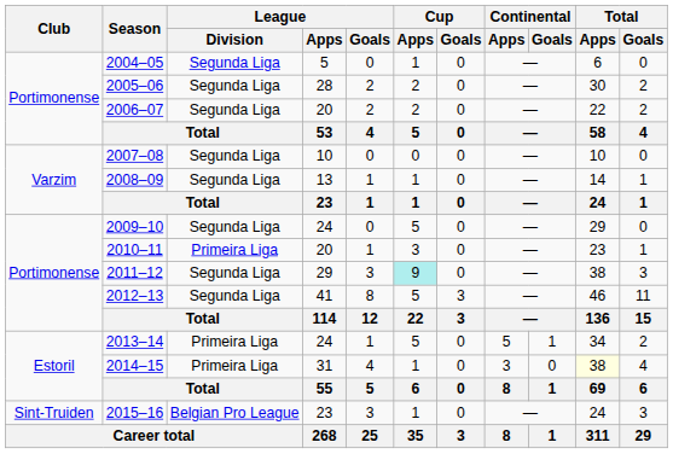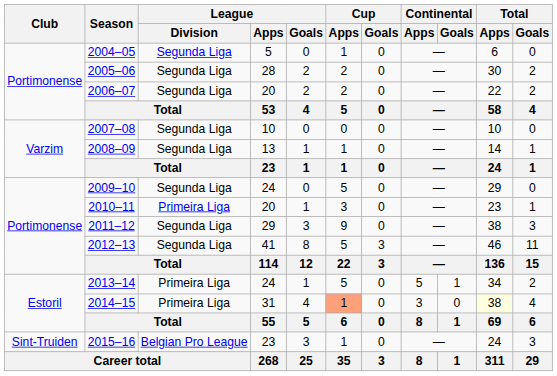 <table class="wikitable" style="text-align: center;">
 <tr>
 <th rowspan="2">Club</th>
 <th rowspan="2">Season</th>
 <th colspan="3">League</th>
 <th colspan="2">Cup</th>
 <th colspan="2">Continental</th>
 <th colspan="2">Total</th>
 </tr>
 <tr>
 <th>Division</th>
 <th>Apps</th>
 <th>Goals</th>
 <th>Apps</th>
 <th>Goals</th>
 <th>Apps</th>
 <th>Goals</th>
 <th>Apps</th>
 <th>Goals</th>
 </tr>
 <tr>
 <td rowspan="4"><a href='#'>Portimonense</a></td>
 <td><a href='#'>2004–05</a></td>
 <td><a href='#'>Segunda Liga</a></td>
 <td>5</td>
 <td>0</td>
 <td>1</td>
 <td>0</td>
 <td colspan="2">—</td>
 <td>6</td>
 <td>0</td>
 </tr>
 <tr>
 <td><a href='#'>2005–06</a></td>
 <td>Segunda Liga</td>
 <td>28</td>
 <td>2</td>
 <td>2</td>
 <td>0</td>
 <td colspan="2">—</td>
 <td>30</td>
 <td>2</td>
 </tr>
 <tr>
 <td><a href='#'>2006–07</a></td>
 <td>Segunda Liga</td>
 <td>20</td>
 <td>2</td>
 <td>2</td>
 <td>0</td>
 <td colspan="2">—</td>
 <td>22</td>
 <td>2</td>
 </tr>
 <tr>
 <th colspan="2">Total</th>
 <th>53</th>
 <th>4</th>
 <th>5</th>
 <th>0</th>
 <th colspan="2">—</th>
 <th>58</th>
 <th>4</th>
 </tr>
 <tr>
 <td rowspan="3"><a href='#'>Varzim</a></td>
 <td><a href='#'>2007–08</a></td>
 <td>Segunda Liga</td>
 <td>10</td>
 <td>0</td>
 <td>0</td>
 <td>0</td>
 <td colspan="2">—</td>
 <td>10</td>
 <td>0</td>
 </tr>
 <tr>
 <td><a href='#'>2008–09</a></td>
 <td>Segunda Liga</td>
 <td>13</td>
 <td>1</td>
 <td>1</td>
 <td>0</td>
 <td colspan="2">—</td>
 <td>14</td>
 <td>1</td>
 </tr>
 <tr>
 <th colspan="2">Total</th>
 <th>23</th>
 <th>1</th>
 <th>1</th>
 <th>0</th>
 <th colspan="2">—</th>
 <th>24</th>
 <th>1</th>
 </tr>
 <tr>
 <td rowspan="5"><a href='#'>Portimonense</a></td>
 <td><a href='#'>2009–10</a></td>
 <td>Segunda Liga</td>
 <td>24</td>
 <td>0</td>
 <td>5</td>
 <td>0</td>
 <td colspan="2">—</td>
 <td>29</td>
 <td>0</td>
 </tr>
 <tr>
 <td><a href='#'>2010–11</a></td>
 <td><a href='#'>Primeira Liga</a></td>
 <td>20</td>
 <td>1</td>
 <td>3</td>
 <td>0</td>
 <td colspan="2">—</td>
 <td>23</td>
 <td>1</td>
 </tr>
 <tr>
 <td><a href='#'>2011–12</a></td>
 <td>Segunda Liga</td>
 <td>29</td>
 <td>3</td>
-<td style="background: paleturquoise;">9</td>
+<td>9</td>
 <td>0</td>
 <td colspan="2">—</td>
 <td>38</td>
 <td>3</td>
 </tr>
 <tr>
 <td><a href='#'>2012–13</a></td>
 <td>Segunda Liga</td>
 <td>41</td>
 <td>8</td>
 <td>5</td>
 <td>3</td>
 <td colspan="2">—</td>
 <td>46</td>
 <td>11</td>
 </tr>
 <tr>
 <th colspan="2">Total</th>
 <th>114</th>
 <th>12</th>
 <th>22</th>
 <th>3</th>
 <th colspan="2">—</th>
 <th>136</th>
 <th>15</th>
 </tr>
 <tr>
 <td rowspan="3"><a href='#'>Estoril</a></td>
 <td><a href='#'>2013–14</a></td>
 <td>Primeira Liga</td>
 <td>24</td>
 <td>1</td>
 <td>5</td>
 <td>0</td>
 <td>5</td>
 <td>1</td>
 <td>34</td>
 <td>2</td>
 </tr>
 <tr>
 <td><a href='#'>2014–15</a></td>
 <td>Primeira Liga</td>
 <td>31</td>
 <td>4</td>
-<td>1</td>
+<td style="background: lightsalmon;">1</td>
 <td>0</td>
 <td>3</td>
 <td>0</td>
 <td style="background: lightyellow;">38</td>
 <td>4</td>
 </tr>
 <tr>
 <th colspan="2">Total</th>
 <th>55</th>
 <th>5</th>
 <th>6</th>
 <th>0</th>
 <th>8</th>
 <th>1</th>
 <th>69</th>
 <th>6</th>
 </tr>
 <tr>
 <td><a href='#'>Sint-Truiden</a></td>
 <td><a href='#'>2015–16</a></td>
 <td><a href='#'>Belgian Pro League</a></td>
 <td>23</td>
 <td>3</td>
 <td>1</td>
 <td>0</td>
 <td colspan="2">—</td>
 <td>24</td>
 <td>3</td>
 </tr>
 <tr>
 <th colspan="3">Career total</th>
 <th>268</th>
 <th>25</th>
 <th>35</th>
 <th>3</th>
 <th>8</th>
 <th>1</th>
 <th>311</th>
 <th>29</th>
 </tr>
 </table>
